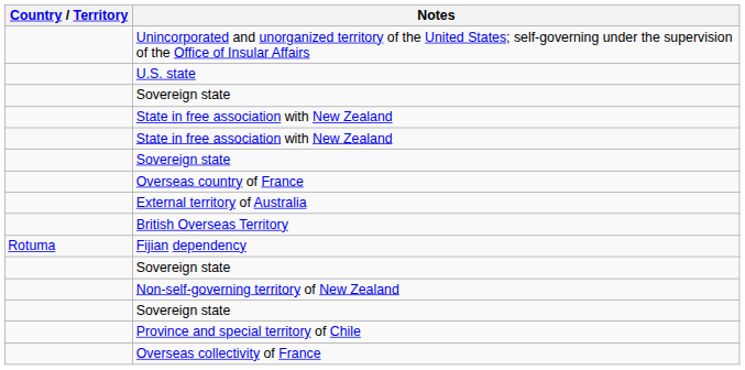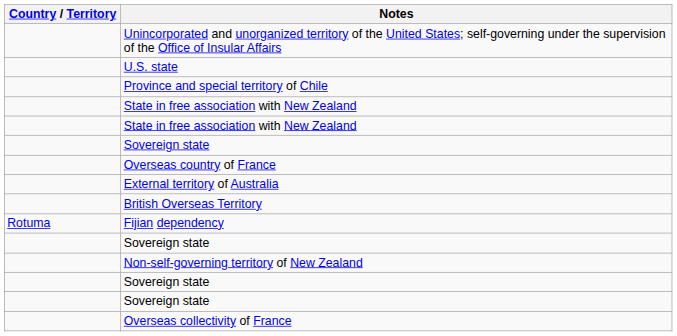 <table class="wikitable sortable">
 <tr>
 <th style=width:9em><a href='#'>Country</a> / <a href='#'>Territory</a></th>
 <th>Notes</th>
 </tr>
 <tr>
 <td></td>
 <td><a href='#'>Unincorporated</a> and <a href='#'>unorganized territory</a> of the <a href='#'>United States</a>; self-governing under the supervision of the <a href='#'>Office of Insular Affairs</a></td>
 </tr>
 <tr>
 <td></td>
 <td><a href='#'>U.S. state</a></td>
 </tr>
 <tr>
 <td></td>
-<td>Sovereign state</td>
+<td><a href='#'>Province and special territory</a> of <a href='#'>Chile</a></td>
 </tr>
 <tr>
 <td></td>
 <td><a href='#'>State in free association</a> with <a href='#'>New Zealand</a></td>
 </tr>
 <tr>
 <td></td>
 <td><a href='#'>State in free association</a> with <a href='#'>New Zealand</a></td>
 </tr>
 <tr>
 <td></td>
 <td><a href='#'>Sovereign state</a></td>
 </tr>
 <tr>
 <td></td>
 <td><a href='#'>Overseas country</a> of <a href='#'>France</a></td>
 </tr>
 <tr>
 <td></td>
 <td><a href='#'>External territory</a> of <a href='#'>Australia</a></td>
 </tr>
 <tr>
 <td></td>
 <td><a href='#'>British Overseas Territory</a></td>
 </tr>
 <tr>
 <td> <a href='#'>Rotuma</a></td>
 <td><a href='#'>Fijian</a> <a href='#'>dependency</a></td>
 </tr>
 <tr>
 <td></td>
 <td>Sovereign state</td>
 </tr>
 <tr>
 <td></td>
 <td><a href='#'>Non-self-governing territory</a> of <a href='#'>New Zealand</a></td>
 </tr>
 <tr>
 <td></td>
 <td>Sovereign state</td>
 </tr>
 <tr>
 <td></td>
-<td><a href='#'>Province and special territory</a> of <a href='#'>Chile</a></td>
+<td>Sovereign state</td>
 </tr>
 <tr>
 <td></td>
 <td><a href='#'>Overseas collectivity</a> of <a href='#'>France</a></td>
 </tr>
 </table>
